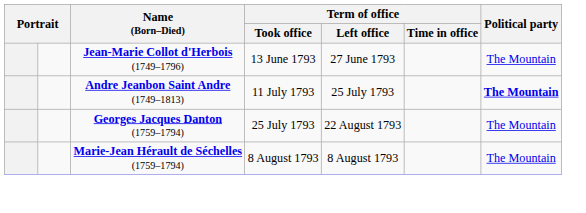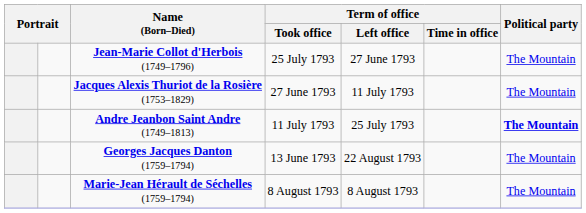 <table class="wikitable" style="text-align:center; border:1px #AAAAFF solid">
 <tr>
 <th width="80px" rowspan="2" colspan="2">Portrait</th>
 <th rowspan="2">Name<br><small>(Born–Died)</small></th>
 <th colspan="3">Term of office</th>
 <th rowspan="2">Political party</th>
 </tr>
 <tr>
 <th>Took office</th>
 <th>Left office</th>
 <th>Time in office</th>
 </tr>
 <tr>
 <th style="background-color:"></th>
 <td></td>
 <td><strong><a href='#'>Jean-Marie Collot d'Herbois</a></strong><br><small>(1749–1796)</small></td>
-<td>13 June 1793</td>
+<td>25 July 1793</td>
 <td>27 June 1793</td>
+<td></td>
+<td><a href='#'>The Mountain</a></td>
+</tr>
+<tr>
+<th style="background-color:"></th>
+<td></td>
+<td><strong><a href='#'>Jacques Alexis Thuriot de la Rosière</a></strong><br><small>(1753–1829)</small></td>
+<td>27 June 1793</td>
+<td>11 July 1793</td>
 <td></td>
 <td><a href='#'>The Mountain</a></td>
 </tr>
 <tr>
 <th style="background-color:"></th>
 <td></td>
 <td><strong><a href='#'>Andre Jeanbon Saint Andre</a></strong><br><small>(1749–1813)</small></td>
 <td>11 July 1793</td>
 <td>25 July 1793</td>
 <td></td>
 <td><strong><a href='#'>The Mountain</a></strong></td>
 </tr>
 <tr>
 <th style="background-color:"></th>
 <td></td>
 <td><strong><a href='#'>Georges Jacques Danton</a></strong><br><small>(1759–1794)</small></td>
-<td>25 July 1793</td>
+<td>13 June 1793</td>
 <td>22 August 1793</td>
 <td></td>
 <td><a href='#'>The Mountain</a></td>
 </tr>
 <tr>
 <th style="background-color:"></th>
 <td></td>
 <td><strong><a href='#'>Marie-Jean Hérault de Séchelles</a></strong><br><small>(1759–1794)</small></td>
 <td>8 August 1793</td>
 <td>8 August 1793</td>
 <td></td>
 <td><a href='#'>The Mountain</a></td>
 </tr>
 <tr>
 </tr>
 </table>
